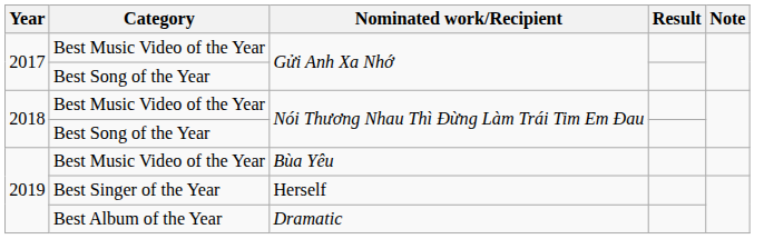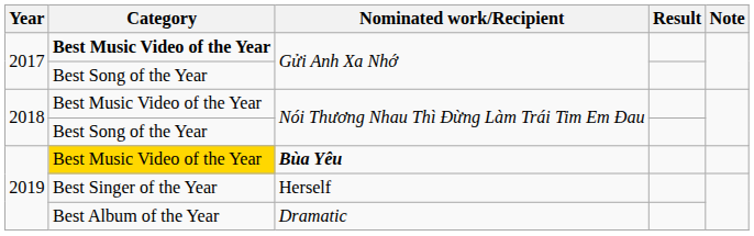 <table class="wikitable">
 <tr>
 <th>Year</th>
 <th>Category</th>
 <th>Nominated work/Recipient</th>
 <th>Result</th>
 <th>Note</th>
 </tr>
 <tr>
 <td rowspan="2">2017</td>
-<td>Best Music Video of the Year</td>
+<td><strong>Best Music Video of the Year</strong></td>
 <td rowspan="2"><em>Gửi Anh Xa Nhớ</em></td>
 <td></td>
 <td rowspan="2"></td>
 </tr>
 <tr>
 <td>Best Song of the Year</td>
 <td></td>
 </tr>
 <tr>
 <td rowspan="2">2018</td>
 <td>Best Music Video of the Year</td>
 <td rowspan="2"><em>Nói Thương Nhau Thì Đừng Làm Trái Tim Em Đau</em></td>
 <td></td>
 <td rowspan="2"></td>
 </tr>
 <tr>
 <td>Best Song of the Year</td>
 <td></td>
 </tr>
 <tr>
 <td rowspan="3">2019</td>
-<td>Best Music Video of the Year</td>
-<td><em>Bùa Yêu</em></td>
+<td style="background: gold;">Best Music Video of the Year</td>
+<td><strong><em>Bùa Yêu</em></strong></td>
 <td></td>
 <td></td>
 </tr>
 <tr>
 <td>Best Singer of the Year</td>
 <td>Herself</td>
 <td></td>
 <td rowspan="2"></td>
 </tr>
 <tr>
 <td>Best Album of the Year</td>
 <td><em>Dramatic</em></td>
 <td></td>
 </tr>
 </table>
